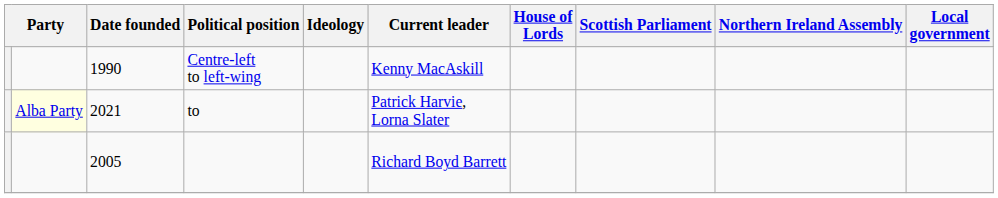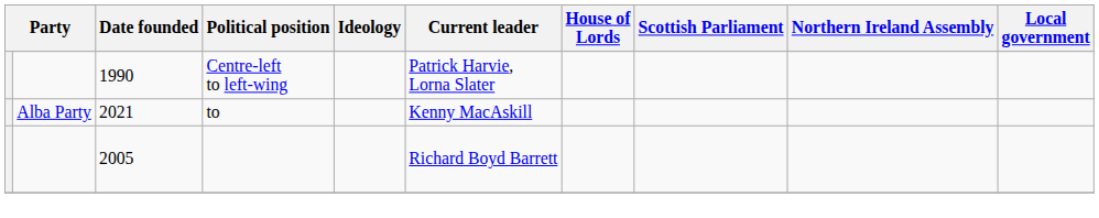 <table class ="wikitable sortable">
 <tr style="background:#ccc">
 <th colspan=2 scope="col" style="width:20px">Party</th>
 <th>Date founded</th>
 <th scope="col">Political position</th>
 <th scope="col">Ideology</th>
 <th>Current leader</th>
 <th data-sort-type="number"><a href='#'>House of<br>Lords</a></th>
 <th data-sort-type="number"><a href='#'>Scottish Parliament</a></th>
 <th data-sort-type="number"><a href='#'>Northern Ireland Assembly</a></th>
 <th data-sort-type="number"><a href='#'>Local<br>government</a></th>
 </tr>
 <tr>
 <th style="background-color:"></th>
 <td></td>
 <td>1990</td>
 <td><a href='#'>Centre-left</a><br>to <a href='#'>left-wing</a></td>
 <td><br><br></td>
-<td><a href='#'>Kenny MacAskill</a><br></td>
+<td><a href='#'>Patrick Harvie</a>,<br><a href='#'>Lorna Slater</a><br></td>
 <td></td>
 <td></td>
 <td></td>
 <td></td>
 </tr>
 <tr>
 <th style="background-color:"></th>
-<td style="background: lightyellow;"><a href='#'>Alba Party</a></td>
+<td><a href='#'>Alba Party</a></td>
 <td>2021</td>
 <td> to </td>
 <td></td>
-<td><a href='#'>Patrick Harvie</a>,<br><a href='#'>Lorna Slater</a><br></td>
+<td><a href='#'>Kenny MacAskill</a><br></td>
 <td></td>
 <td></td>
 <td></td>
 <td></td>
 </tr>
 <tr>
 <th style="background-color:"></th>
 <td></td>
 <td>2005</td>
 <td></td>
 <td><br><br><br></td>
 <td><a href='#'>Richard Boyd Barrett</a></td>
 <td></td>
 <td></td>
 <td></td>
 <td></td>
 </tr>
 <tr>
 </tr>
 </table>
